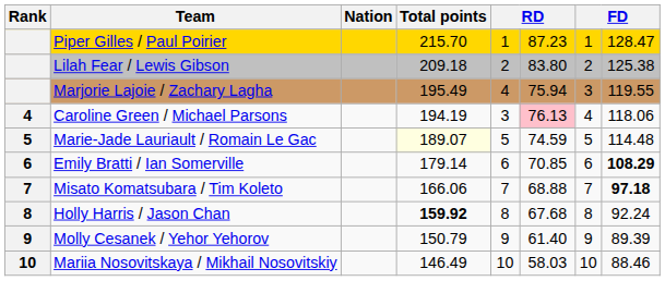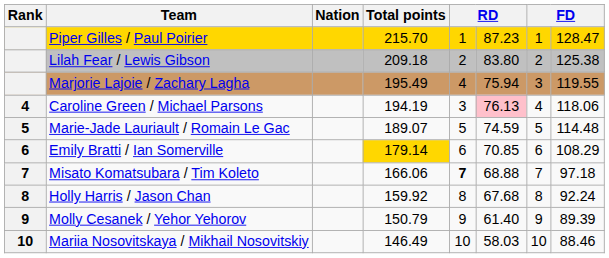 <table class="wikitable sortable" style="text-align:left">
 <tr>
 <th scope="col">Rank</th>
 <th scope="col">Team</th>
 <th scope="col">Nation</th>
 <th scope="col">Total points</th>
 <th scope="col" colspan="2" width="80px"><a href='#'>RD</a></th>
 <th scope="col" colspan="2" width="80px"><a href='#'>FD</a></th>
 </tr>
 <tr bgcolor="gold">
 <th scope="row"></th>
 <td><a href='#'>Piper Gilles</a> / <a href='#'>Paul Poirier</a></td>
 <td></td>
 <td align="center">215.70</td>
 <td align="center">1</td>
 <td align="center">87.23</td>
 <td align="center">1</td>
 <td align="center">128.47</td>
 </tr>
 <tr bgcolor="silver">
 <th scope="row"></th>
 <td><a href='#'>Lilah Fear</a> / <a href='#'>Lewis Gibson</a></td>
 <td></td>
 <td align="center">209.18</td>
 <td align="center">2</td>
 <td align="center">83.80</td>
 <td align="center">2</td>
 <td align="center">125.38</td>
 </tr>
 <tr bgcolor="cc9966">
 <th scope="row"></th>
 <td><a href='#'>Marjorie Lajoie</a> / <a href='#'>Zachary Lagha</a></td>
 <td></td>
 <td align="center">195.49</td>
 <td align="center">4</td>
 <td align="center">75.94</td>
 <td align="center">3</td>
 <td align="center">119.55</td>
 </tr>
 <tr>
 <th scope="row">4</th>
 <td><a href='#'>Caroline Green</a> / <a href='#'>Michael Parsons</a></td>
 <td></td>
 <td align="center">194.19</td>
 <td align="center">3</td>
 <td align="center" style="background: pink;">76.13</td>
 <td align="center">4</td>
 <td align="center">118.06</td>
 </tr>
 <tr>
 <th scope="row">5</th>
 <td><a href='#'>Marie-Jade Lauriault</a> / <a href='#'>Romain Le Gac</a></td>
 <td></td>
-<td align="center" style="background: lightyellow;">189.07</td>
+<td align="center">189.07</td>
 <td align="center">5</td>
 <td align="center">74.59</td>
 <td align="center">5</td>
 <td align="center">114.48</td>
 </tr>
 <tr>
 <th scope="row">6</th>
 <td><a href='#'>Emily Bratti</a> / <a href='#'>Ian Somerville</a></td>
 <td></td>
-<td align="center">179.14</td>
+<td align="center" style="background: gold;">179.14</td>
 <td align="center">6</td>
 <td align="center">70.85</td>
 <td align="center">6</td>
-<td align="center"><strong>108.29</strong></td>
+<td align="center">108.29</td>
 </tr>
 <tr>
 <th scope="row">7</th>
 <td><a href='#'>Misato Komatsubara</a> / <a href='#'>Tim Koleto</a></td>
 <td></td>
 <td align="center">166.06</td>
-<td align="center">7</td>
+<td align="center"><strong>7</strong></td>
 <td align="center">68.88</td>
 <td align="center">7</td>
-<td align="center"><strong>97.18</strong></td>
+<td align="center">97.18</td>
 </tr>
 <tr>
 <th scope="row">8</th>
 <td><a href='#'>Holly Harris</a> / <a href='#'>Jason Chan</a></td>
 <td></td>
-<td align="center"><strong>159.92</strong></td>
+<td align="center">159.92</td>
 <td align="center">8</td>
 <td align="center">67.68</td>
 <td align="center">8</td>
 <td align="center">92.24</td>
 </tr>
 <tr>
 <th scope="row">9</th>
 <td><a href='#'>Molly Cesanek</a> / <a href='#'>Yehor Yehorov</a></td>
 <td></td>
 <td align="center">150.79</td>
 <td align="center">9</td>
 <td align="center">61.40</td>
 <td align="center">9</td>
 <td align="center">89.39</td>
 </tr>
 <tr>
 <th scope="row">10</th>
 <td><a href='#'>Mariia Nosovitskaya</a> / <a href='#'>Mikhail Nosovitskiy</a></td>
 <td></td>
 <td align="center">146.49</td>
 <td align="center">10</td>
 <td align="center">58.03</td>
 <td align="center">10</td>
 <td align="center">88.46</td>
 </tr>
 </table>
